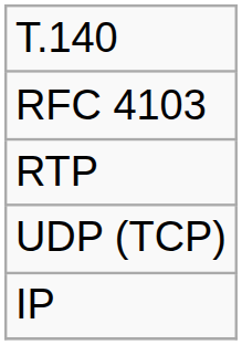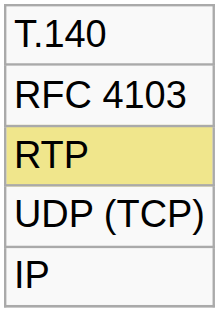 <table class="wikitable">
 <tr>
 <td>T.140</td>
 </tr>
 <tr>
 <td>RFC 4103</td>
 </tr>
 <tr>
-<td>RTP</td>
+<td style="background: khaki;">RTP</td>
 </tr>
 <tr>
 <td>UDP (TCP)</td>
 </tr>
 <tr>
 <td>IP</td>
 </tr>
 <tr>
 </tr>
 </table>
